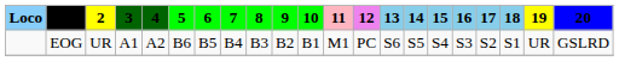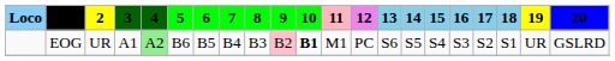 <table class="wikitable plainrowheaders unsortable" style="text-align:center">
 <tr>
 <th scope="col" rowspan="1" style="background:lightskyblue;">Loco</th>
 <th scope="col" rowspan="1" style="background:black;">1</th>
 <th scope="col" rowspan="1" style="background:yellow;">2</th>
 <th scope="col" rowspan="1" style="background:darkgreen;">3</th>
 <th scope="col" rowspan="1" style="background:darkgreen;">4</th>
 <th scope="col" rowspan="1" style="background:lime;">5</th>
 <th scope="col" rowspan="1" style="background:lime;">6</th>
 <th scope="col" rowspan="1" style="background:lime;">7</th>
 <th scope="col" rowspan="1" style="background:lime;">8</th>
 <th scope="col" rowspan="1" style="background:lime;">9</th>
 <th scope="col" rowspan="1" style="background:lime;">10</th>
 <th scope="col" rowspan="1" style="background:lightpink;">11</th>
 <th scope="col" rowspan="1" style="background:violet;">12</th>
 <th scope="col" rowspan="1" style="background:skyblue;">13</th>
 <th scope="col" rowspan="1" style="background:skyblue;">14</th>
 <th scope="col" rowspan="1" style="background:skyblue;">15</th>
 <th scope="col" rowspan="1" style="background:skyblue;">16</th>
 <th scope="col" rowspan="1" style="background:skyblue;">17</th>
 <th scope="col" rowspan="1" style="background:skyblue;">18</th>
 <th scope="col" rowspan="1" style="background:yellow;">19</th>
 <th scope="col" rowspan="1" style="background:blue;">20</th>
 </tr>
 <tr>
 <td></td>
 <td>EOG</td>
 <td>UR</td>
 <td>A1</td>
-<td>A2</td>
+<td style="background: lightgreen;">A2</td>
 <td>B6</td>
 <td>B5</td>
 <td>B4</td>
 <td>B3</td>
-<td>B2</td>
-<td>B1</td>
+<td style="background: pink;">B2</td>
+<td><strong>B1</strong></td>
 <td>M1</td>
 <td>PC</td>
 <td>S6</td>
 <td>S5</td>
 <td>S4</td>
 <td>S3</td>
 <td>S2</td>
 <td>S1</td>
 <td>UR</td>
 <td>GSLRD</td>
 </tr>
 <tr>
 </tr>
 </table>
